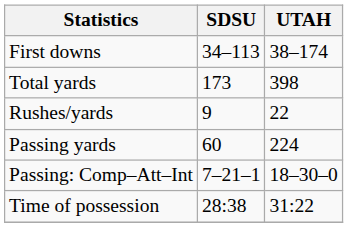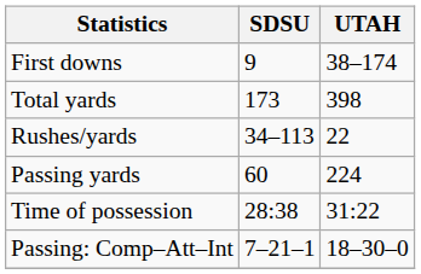 <table class="wikitable" style="float: left;">
 <tr>
 <th>Statistics</th>
 <th>SDSU</th>
 <th>UTAH</th>
 </tr>
 <tr>
 <td>First downs</td>
-<td>34–113</td>
+<td>9</td>
 <td>38–174</td>
 </tr>
 <tr>
 <td>Total yards</td>
 <td>173</td>
 <td>398</td>
 </tr>
 <tr>
 <td>Rushes/yards</td>
-<td>9</td>
+<td>34–113</td>
 <td>22</td>
 </tr>
 <tr>
 <td>Passing yards</td>
 <td>60</td>
 <td>224</td>
 </tr>
 <tr>
+<td>Time of possession</td>
+<td>28:38</td>
+<td>31:22</td>
+</tr>
+<tr>
 <td>Passing: Comp–Att–Int</td>
 <td>7–21–1</td>
 <td>18–30–0</td>
 </tr>
 <tr>
-<td>Time of possession</td>
-<td>28:38</td>
-<td>31:22</td>
-</tr>
-<tr>
 </tr>
 </table>
